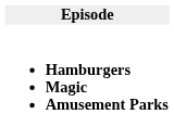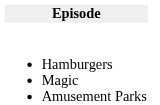 <table>
 <tr style="background:#efefef;">
 <th>Episode</th>
 </tr>
 <tr valign="top">
-<td><strong><br><ul><li>Hamburgers</li><li>Magic</li><li>Amusement Parks</li></ul></strong></td>
+<td><br><ul><li>Hamburgers</li><li>Magic</li><li>Amusement Parks</li></ul></td>
 </tr>
 </table>
